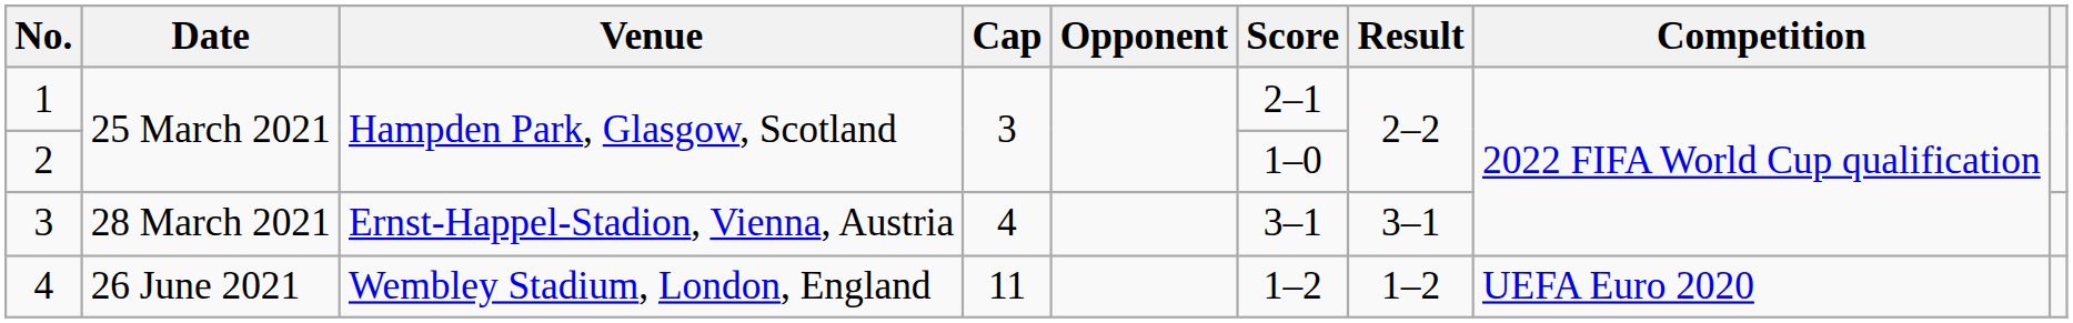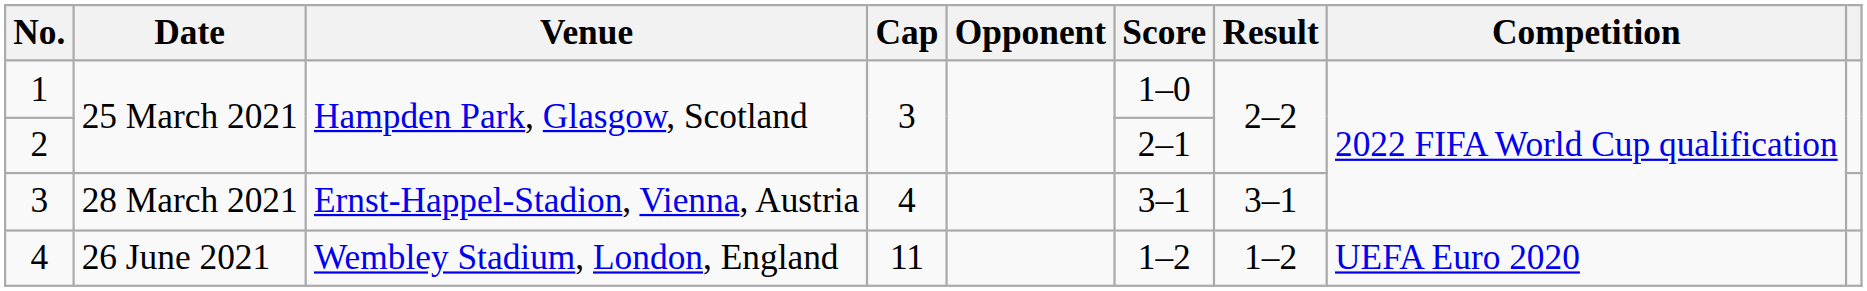 <table class="wikitable sortable">
 <tr>
 <th scope=col>No.</th>
 <th scope=col>Date</th>
 <th scope=col>Venue</th>
 <th scope=col>Cap</th>
 <th scope=col>Opponent</th>
 <th scope=col>Score</th>
 <th scope=col>Result</th>
 <th scope=col>Competition</th>
 <th scope=col class=unsortable></th>
 </tr>
 <tr>
 <td align=center>1</td>
 <td rowspan=2>25 March 2021</td>
 <td rowspan=2><a href='#'>Hampden Park</a>, <a href='#'>Glasgow</a>, Scotland</td>
 <td rowspan=2 align=center>3</td>
 <td rowspan=2></td>
-<td align=center>2–1</td>
+<td align=center>1–0</td>
 <td rowspan=2 align=center>2–2</td>
 <td rowspan=3><a href='#'>2022 FIFA World Cup qualification</a></td>
 <td rowspan=2 align=center></td>
 </tr>
 <tr>
 <td align=center>2</td>
-<td align=center>1–0</td>
+<td align=center>2–1</td>
 </tr>
 <tr>
 <td align=center>3</td>
 <td>28 March 2021</td>
 <td><a href='#'>Ernst-Happel-Stadion</a>, <a href='#'>Vienna</a>, Austria</td>
 <td align=center>4</td>
 <td></td>
 <td align=center>3–1</td>
 <td align=center>3–1</td>
 <td align=center></td>
 </tr>
 <tr ]>
 <td align=center>4</td>
 <td>26 June 2021</td>
 <td><a href='#'>Wembley Stadium</a>, <a href='#'>London</a>, England</td>
 <td align=center>11</td>
 <td></td>
 <td align=center>1–2</td>
 <td align=center>1–2 </td>
 <td><a href='#'>UEFA Euro 2020</a></td>
 <td align=center></td>
 </tr>
 </table>
